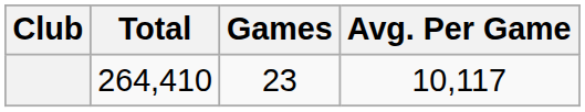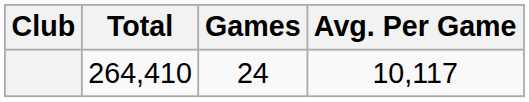 <table class="wikitable plainrowheaders sortable" style="text-align:center;">
 <tr>
 <th>Club</th>
 <th>Total</th>
 <th>Games</th>
 <th>Avg. Per Game</th>
 </tr>
 <tr>
 <th scope="row"></th>
 <td>264,410</td>
-<td>23</td>
+<td>24</td>
 <td>10,117</td>
 </tr>
 </table>
